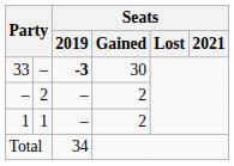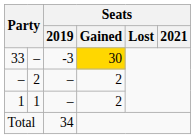 <table class="wikitable" style="text-align:right;">
 <tr>
 <th colspan="2" rowspan="2">Party</th>
 <th colspan="4">Seats</th>
 </tr>
 <tr>
 <th>2019</th>
 <th>Gained</th>
 <th>Lost</th>
 <th>2021</th>
 </tr>
 <tr>
 <td>33</td>
 <td>–</td>
-<td><strong>-3</strong></td>
-<td>30</td>
+<td>-3</td>
+<td style="background: gold;">30</td>
 </tr>
 <tr>
 <td>–</td>
 <td>2</td>
 <td>–</td>
 <td>2</td>
 </tr>
 <tr>
 <td>1</td>
 <td>1</td>
 <td>–</td>
 <td>2</td>
 </tr>
 <tr>
 <td colspan="2" style="text-align: left;">Total</td>
 <td>34</td>
 <td colspan="6"></td>
 </tr>
 </table>
